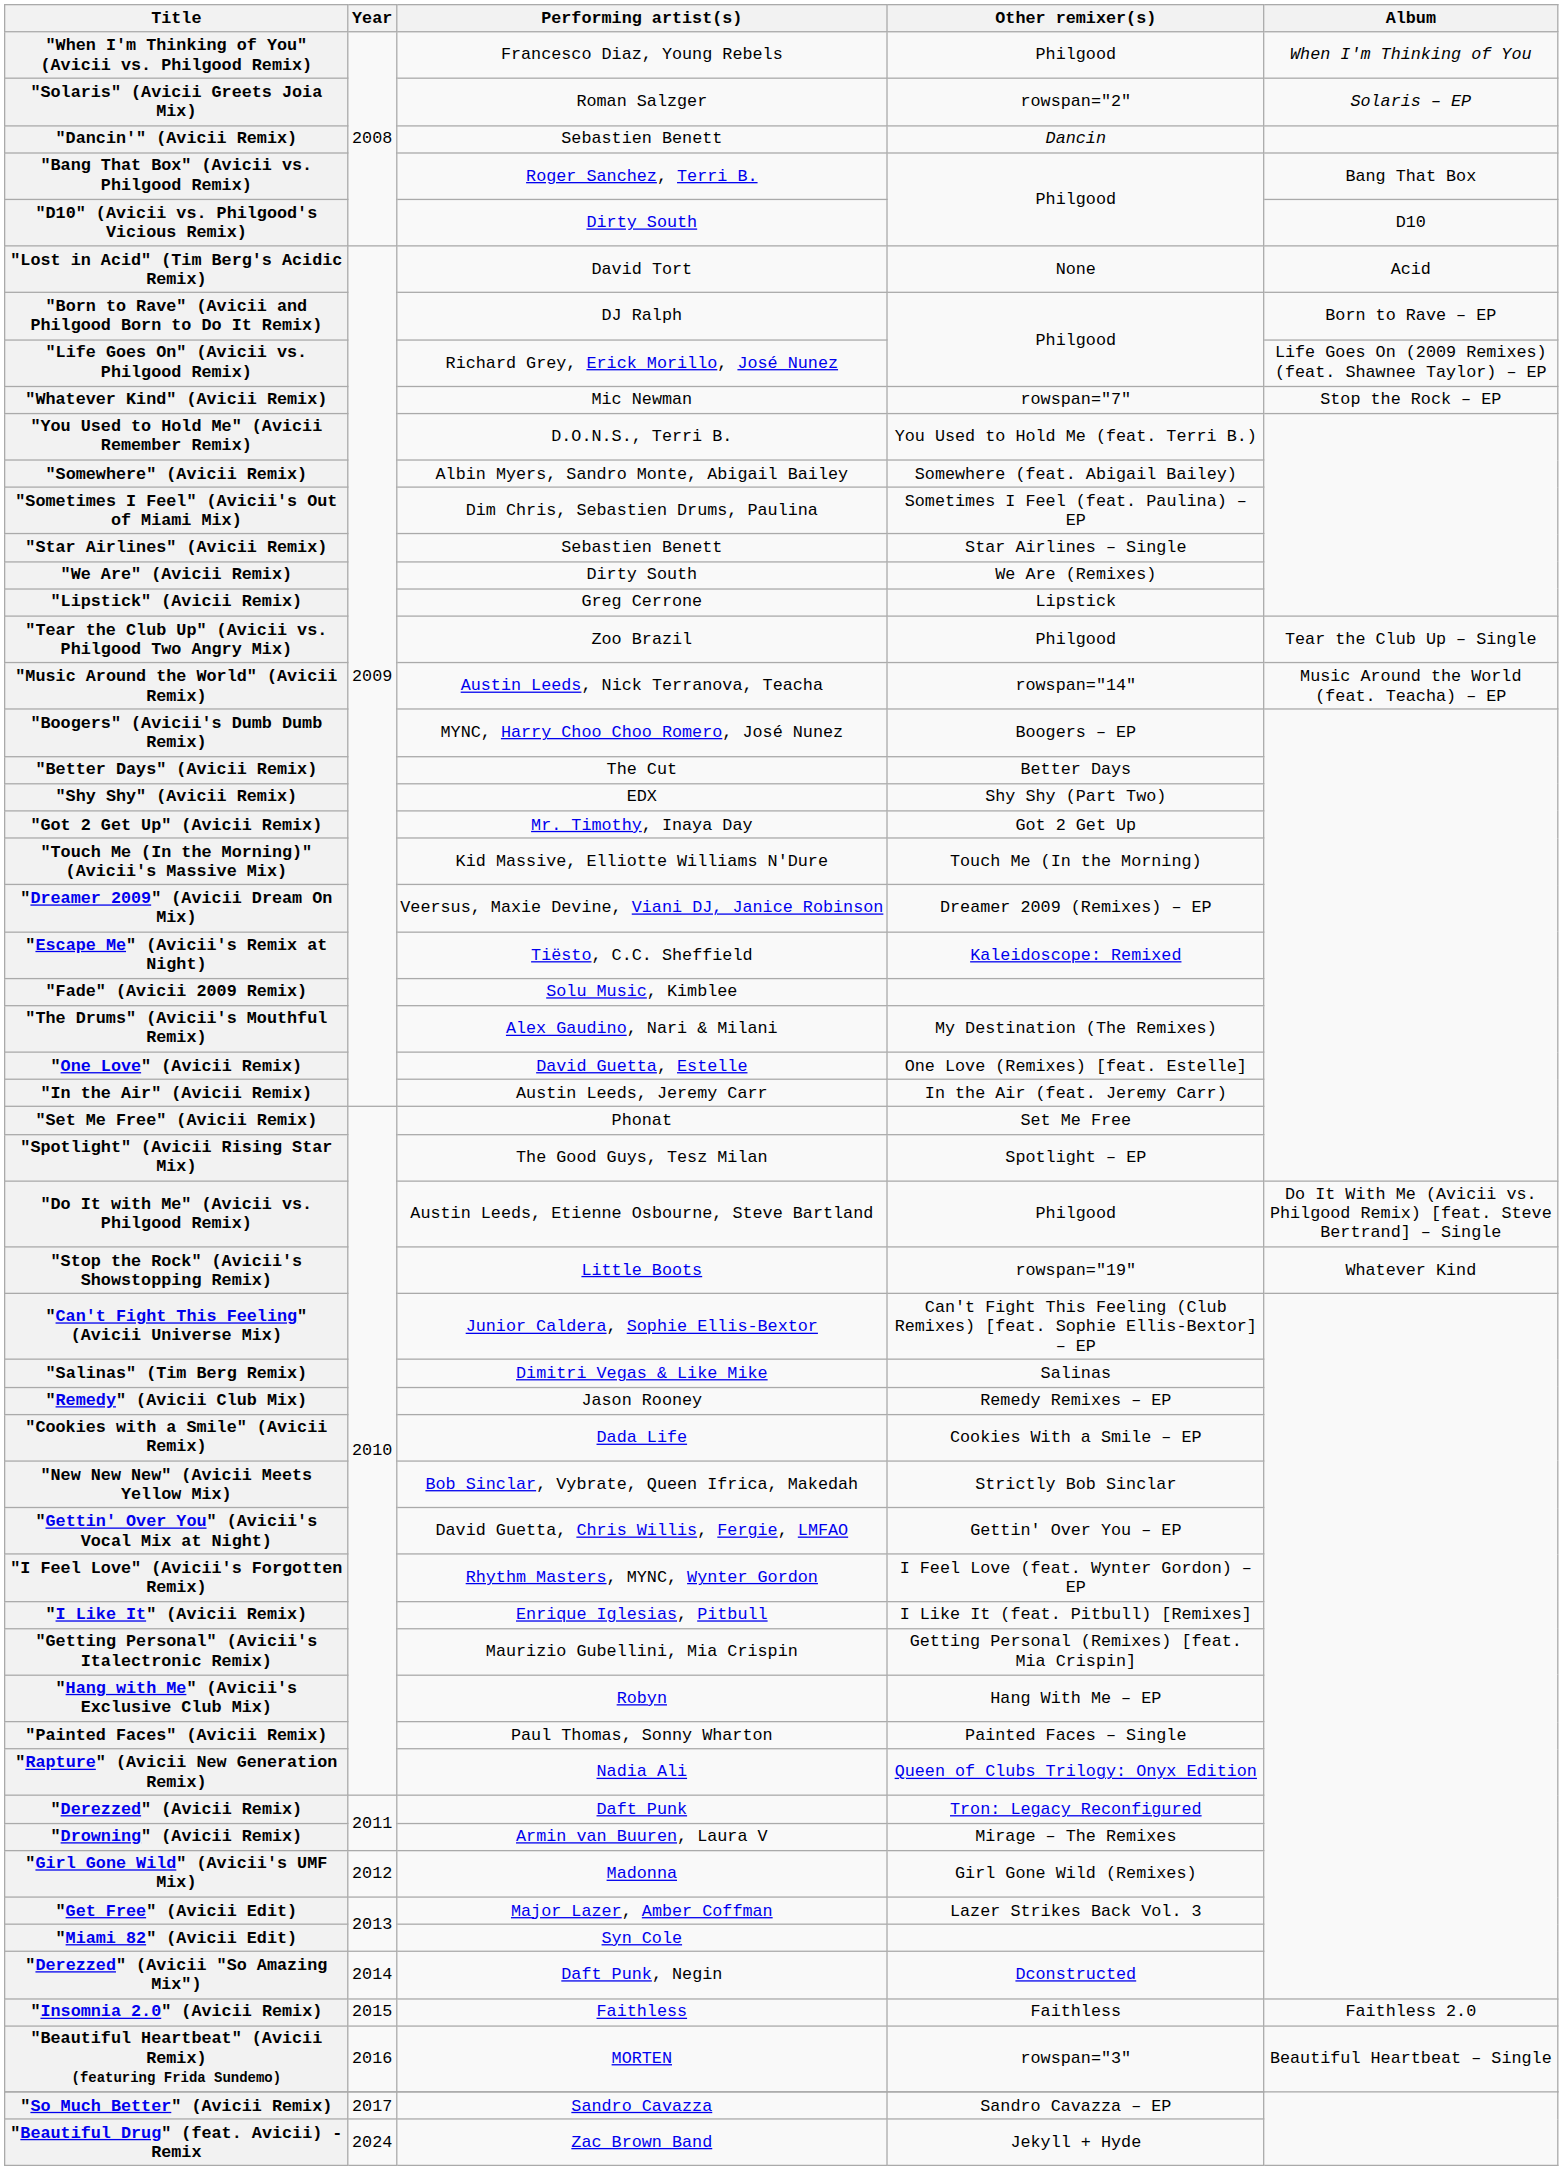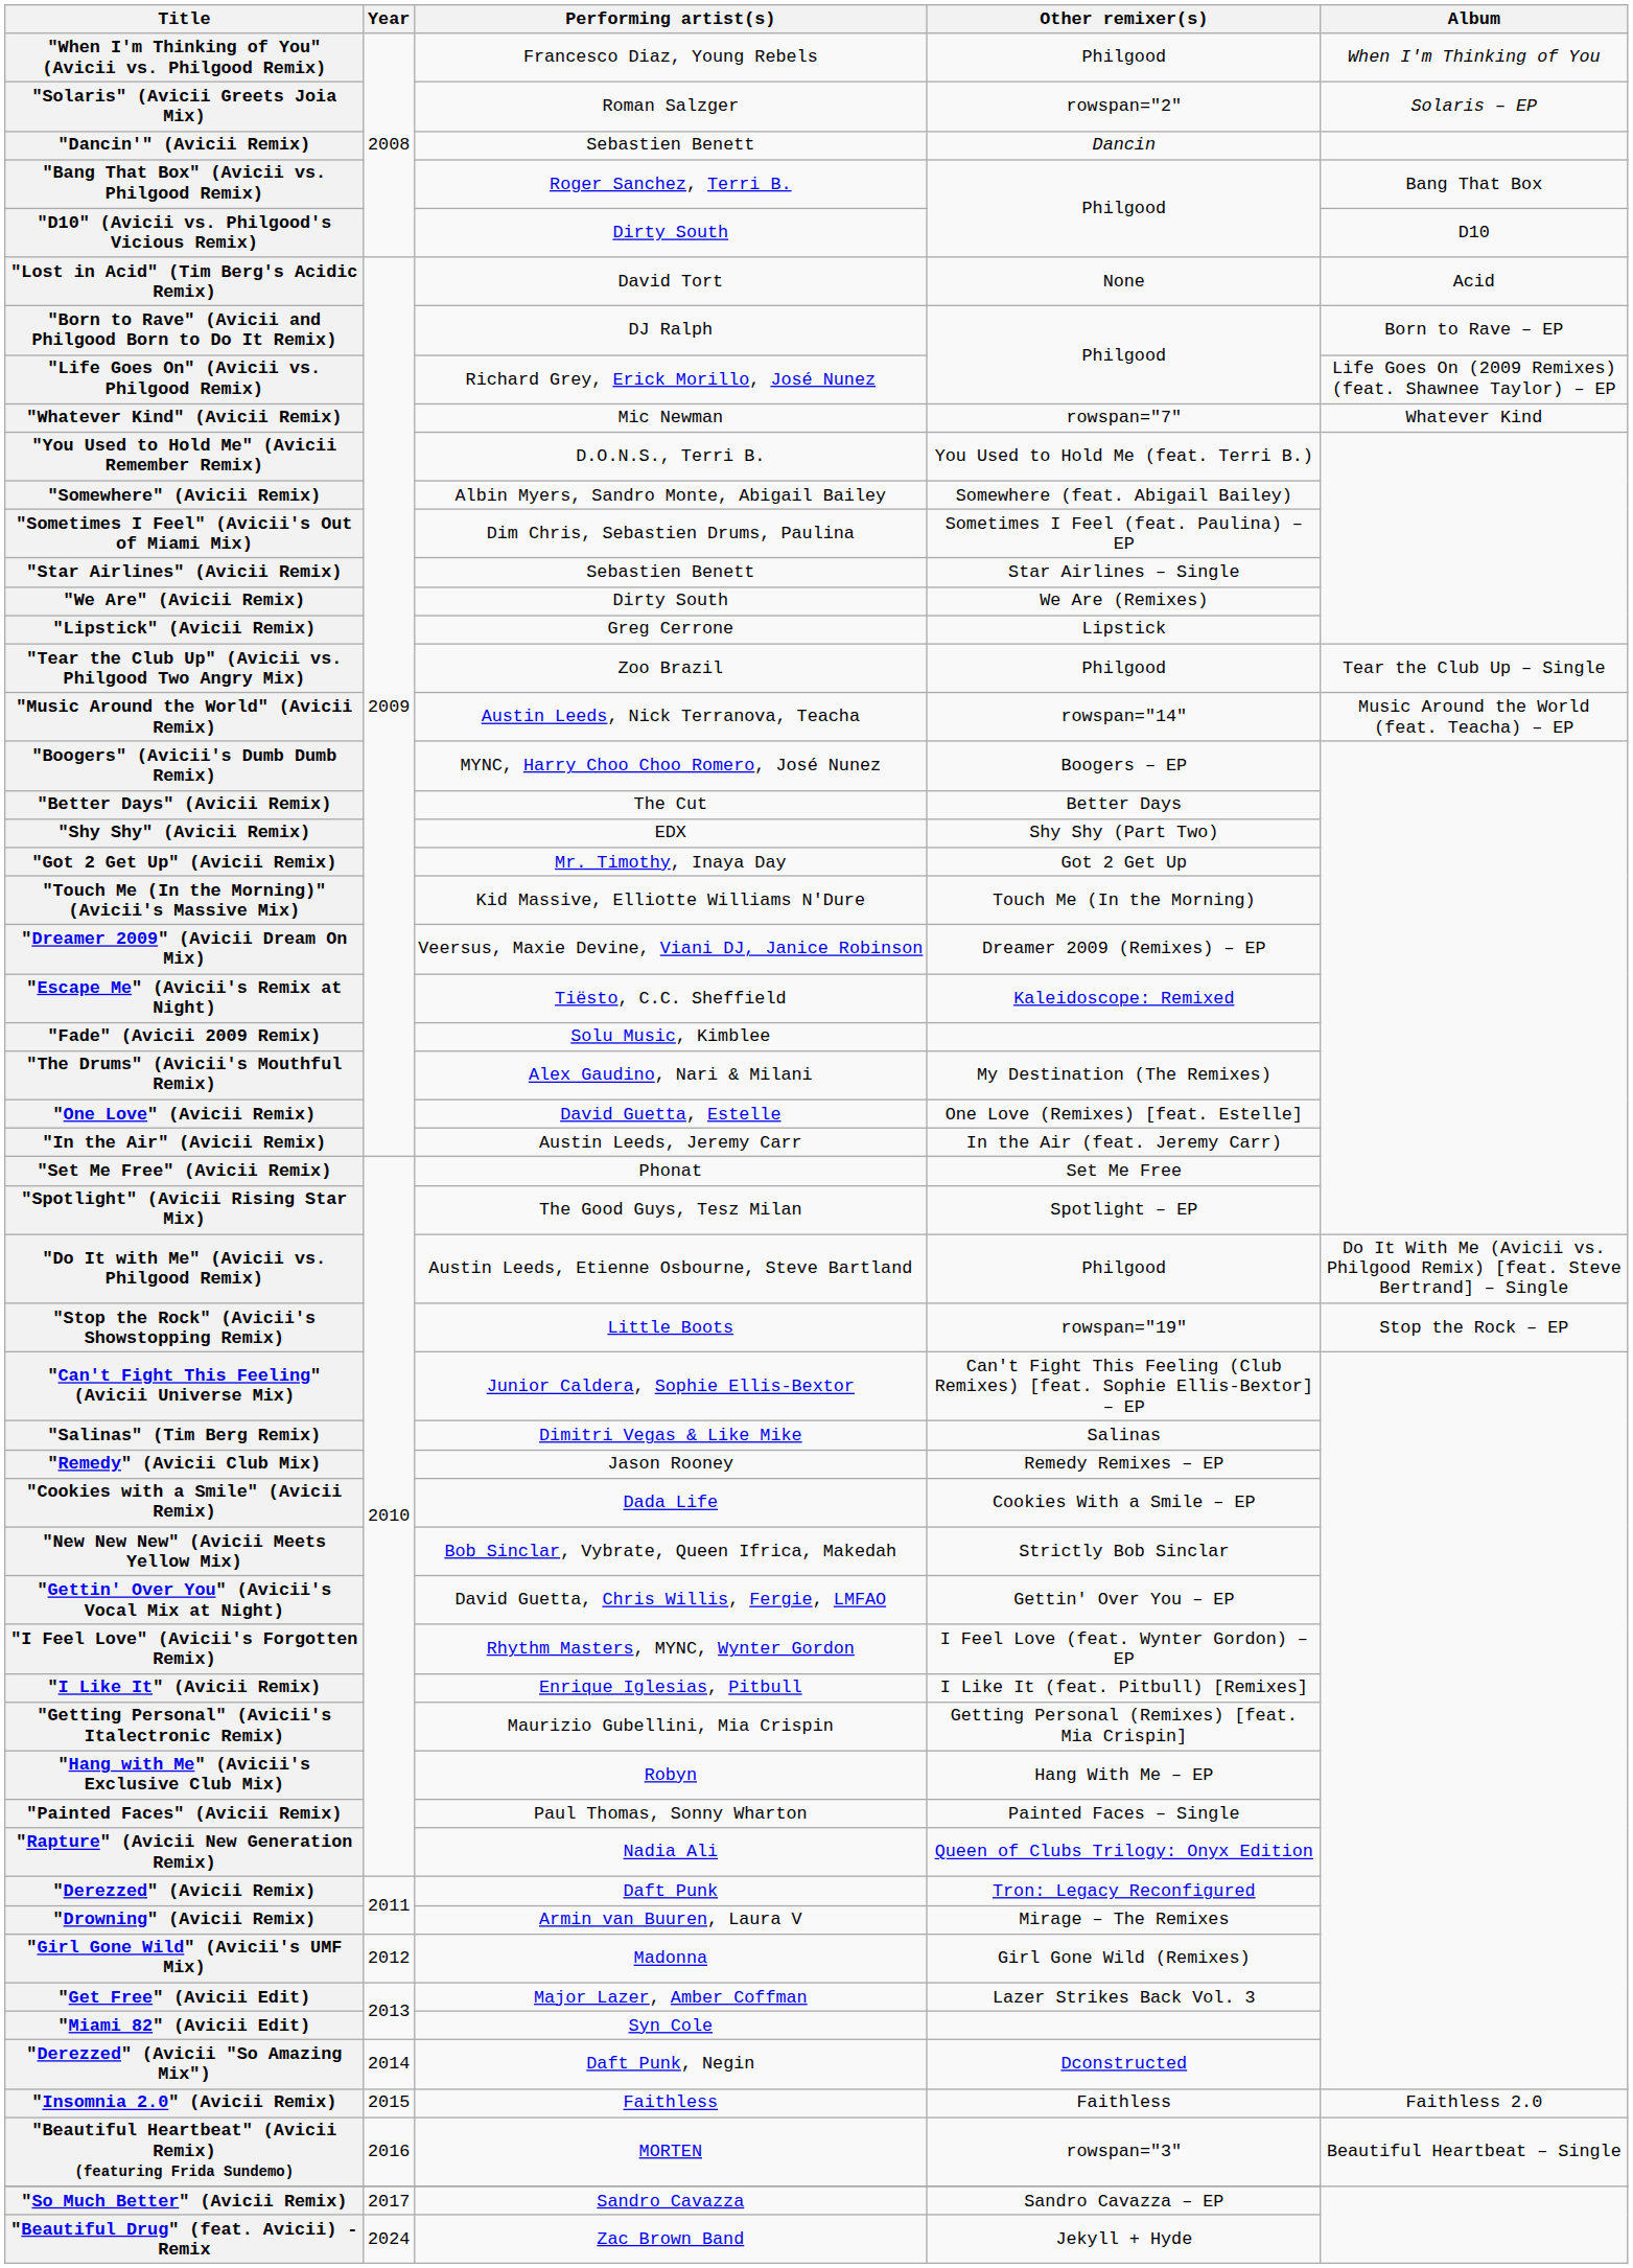 <table class="wikitable plainrowheaders" style="text-align:center;">
 <tr>
 <th scope="col" style="width:20em;">Title</th>
 <th scope="col">Year</th>
 <th scope="col">Performing artist(s)</th>
 <th scope="col" style="width:22em;">Other remixer(s)</th>
 <th scope="col" style="width:17em;">Album</th>
 </tr>
 <tr>
 <th scope="row">"When I'm Thinking of You" (Avicii vs. Philgood Remix)</th>
 <td rowspan="5">2008</td>
 <td>Francesco Diaz, Young Rebels</td>
 <td>Philgood</td>
 <td><em>When I'm Thinking of You</em></td>
 </tr>
 <tr>
 <th scope="row">"Solaris" (Avicii Greets Joia Mix)</th>
 <td>Roman Salzger</td>
 <td>rowspan="2" </td>
 <td><em>Solaris – EP</em></td>
 </tr>
 <tr>
 <th scope="row">"Dancin'" (Avicii Remix)</th>
 <td>Sebastien Benett</td>
 <td><em>Dancin<strong></td>
 </tr>
 <tr>
 <th scope="row">"Bang That Box" (Avicii vs. Philgood Remix)</th>
 <td><a href='#'>Roger Sanchez</a>, <a href='#'>Terri B.</a></td>
 <td rowspan="2">Philgood</td>
 <td></em>Bang That Box<em></td>
 </tr>
 <tr>
 <th scope="row">"D10" (Avicii vs. Philgood's Vicious Remix)</th>
 <td><a href='#'>Dirty South</a></td>
 <td></em>D10<em></td>
 </tr>
 <tr>
 <th scope="row">"Lost in Acid" (Tim Berg's Acidic Remix)</th>
 <td rowspan="23">2009</td>
 <td>David Tort</td>
 <td>None</td>
 <td></em>Acid<em></td>
 </tr>
 <tr>
 <th scope="row">"Born to Rave" (Avicii and Philgood Born to Do It Remix)</th>
 <td>DJ Ralph</td>
 <td rowspan="2">Philgood</td>
 <td></em>Born to Rave – EP<em></td>
 </tr>
 <tr>
 <th scope="row">"Life Goes On" (Avicii vs. Philgood Remix)</th>
 <td>Richard Grey, <a href='#'>Erick Morillo</a>, <a href='#'>José Nunez</a></td>
 <td></em>Life Goes On (2009 Remixes) (feat. Shawnee Taylor) – EP<em></td>
 </tr>
 <tr>
 <th scope="row">"Whatever Kind" (Avicii Remix)</th>
 <td>Mic Newman</td>
 <td>rowspan="7" </td>
-<td></em>Stop the Rock – EP<em></td>
+<td></em>Whatever Kind<em></td>
 </tr>
 <tr>
 <th scope="row">"You Used to Hold Me" (Avicii Remember Remix)</th>
 <td>D.O.N.S., Terri B.</td>
 <td></em>You Used to Hold Me (feat. Terri B.)<em></td>
 </tr>
 <tr>
 <th scope="row">"Somewhere" (Avicii Remix)</th>
 <td>Albin Myers, Sandro Monte, Abigail Bailey</td>
 <td></em>Somewhere (feat. Abigail Bailey)<em></td>
 </tr>
 <tr>
 <th scope="row">"Sometimes I Feel" (Avicii's Out of Miami Mix)</th>
 <td>Dim Chris, Sebastien Drums, Paulina</td>
 <td></em>Sometimes I Feel (feat. Paulina) – EP<em></td>
 </tr>
 <tr>
 <th scope="row">"Star Airlines" (Avicii Remix)</th>
 <td>Sebastien Benett</td>
 <td></em>Star Airlines – Single<em></td>
 </tr>
 <tr>
 <th scope="row">"We Are" (Avicii Remix)</th>
 <td>Dirty South</td>
 <td></em>We Are (Remixes)<em></td>
 </tr>
 <tr>
 <th scope="row">"Lipstick" (Avicii Remix)</th>
 <td>Greg Cerrone</td>
 <td></em>Lipstick<em></td>
 </tr>
 <tr>
 <th scope="row">"Tear the Club Up" (Avicii vs. Philgood Two Angry Mix)</th>
 <td>Zoo Brazil</td>
 <td>Philgood</td>
 <td></em>Tear the Club Up – Single<em></td>
 </tr>
 <tr>
 <th scope="row">"Music Around the World" (Avicii Remix)</th>
 <td><a href='#'>Austin Leeds</a>, Nick Terranova, Teacha</td>
 <td>rowspan="14" </td>
 <td></em>Music Around the World (feat. Teacha) – EP<em></td>
 </tr>
 <tr>
 <th scope="row">"Boogers" (Avicii's Dumb Dumb Remix)</th>
 <td>MYNC, <a href='#'>Harry Choo Choo Romero</a>, José Nunez</td>
 <td></em>Boogers – EP<em></td>
 </tr>
 <tr>
 <th scope="row">"Better Days" (Avicii Remix)</th>
 <td>The Cut</td>
 <td></em>Better Days<em></td>
 </tr>
 <tr>
 <th scope="row">"Shy Shy" (Avicii Remix)</th>
 <td>EDX</td>
 <td></em>Shy Shy (Part Two)<em></td>
 </tr>
 <tr>
 <th scope="row">"Got 2 Get Up" (Avicii Remix)</th>
 <td><a href='#'>Mr. Timothy</a>, Inaya Day</td>
 <td></em>Got 2 Get Up<em></td>
 </tr>
 <tr>
 <th scope="row">"Touch Me (In the Morning)" (Avicii's Massive Mix)</th>
 <td>Kid Massive, Elliotte Williams N'Dure</td>
 <td></em>Touch Me (In the Morning)<em></td>
 </tr>
 <tr>
 <th scope="row">"<a href='#'>Dreamer 2009</a>" (Avicii Dream On Mix)</th>
 <td>Veersus, Maxie Devine, <a href='#'>Viani DJ, Janice Robinson</a></td>
 <td></em>Dreamer 2009 (Remixes) – EP<em></td>
 </tr>
 <tr>
 <th scope="row">"<a href='#'>Escape Me</a>" (Avicii's Remix at Night)</th>
 <td><a href='#'>Tiësto</a>, C.C. Sheffield</td>
 <td></em><a href='#'>Kaleidoscope: Remixed</a><em></td>
 </tr>
 <tr>
 <th scope="row">"Fade" (Avicii 2009 Remix)</th>
 <td><a href='#'>Solu Music</a>, Kimblee</td>
 <td></td>
 </tr>
 <tr>
 <th scope="row">"The Drums" (Avicii's Mouthful Remix)</th>
 <td><a href='#'>Alex Gaudino</a>, Nari & Milani</td>
 <td></em>My Destination (The Remixes)<em></td>
 </tr>
 <tr>
 <th scope="row">"<a href='#'>One Love</a>" (Avicii Remix)</th>
 <td><a href='#'>David Guetta</a>, <a href='#'>Estelle</a></td>
 <td></em>One Love (Remixes) [feat. Estelle]<em></td>
 </tr>
 <tr>
 <th scope="row">"In the Air" (Avicii Remix)</th>
 <td>Austin Leeds, Jeremy Carr</td>
 <td></em>In the Air (feat. Jeremy Carr)<em></td>
 </tr>
 <tr>
 <th scope="row">"Set Me Free" (Avicii Remix)</th>
 <td rowspan="16">2010</td>
 <td>Phonat</td>
 <td></em>Set Me Free<em></td>
 </tr>
 <tr>
 <th scope="row">"Spotlight" (Avicii Rising Star Mix)</th>
 <td>The Good Guys, Tesz Milan</td>
 <td></em>Spotlight – EP<em></td>
 </tr>
 <tr>
 <th scope="row">"Do It with Me" (Avicii vs. Philgood Remix)</th>
 <td>Austin Leeds, Etienne Osbourne, Steve Bartland</td>
 <td>Philgood</td>
 <td></em>Do It With Me (Avicii vs. Philgood Remix) [feat. Steve Bertrand] – Single<em></td>
 </tr>
 <tr>
 <th scope="row">"Stop the Rock" (Avicii's Showstopping Remix)</th>
 <td><a href='#'>Little Boots</a></td>
 <td>rowspan="19" </td>
-<td></em>Whatever Kind<em></td>
+<td></em>Stop the Rock – EP<em></td>
 </tr>
 <tr>
 <th scope="row">"<a href='#'>Can't Fight This Feeling</a>" (Avicii Universe Mix)</th>
 <td><a href='#'>Junior Caldera</a>, <a href='#'>Sophie Ellis-Bextor</a></td>
 <td></em>Can't Fight This Feeling (Club Remixes) [feat. Sophie Ellis-Bextor] – EP<em></td>
 </tr>
 <tr>
 <th scope="row">"Salinas" (Tim Berg Remix)</th>
 <td><a href='#'>Dimitri Vegas & Like Mike</a></td>
 <td></em>Salinas<em></td>
 </tr>
 <tr>
 <th scope="row">"<a href='#'>Remedy</a>" (Avicii Club Mix)</th>
 <td>Jason Rooney</td>
 <td></em>Remedy Remixes – EP<em></td>
 </tr>
 <tr>
 <th scope="row">"Cookies with a Smile" (Avicii Remix)</th>
 <td><a href='#'>Dada Life</a></td>
 <td></em>Cookies With a Smile – EP<em></td>
 </tr>
 <tr>
 <th scope="row">"New New New" (Avicii Meets Yellow Mix)</th>
 <td><a href='#'>Bob Sinclar</a>, Vybrate, Queen Ifrica, Makedah</td>
 <td></em>Strictly Bob Sinclar<em></td>
 </tr>
 <tr>
 <th scope="row">"<a href='#'>Gettin' Over You</a>" (Avicii's Vocal Mix at Night)</th>
 <td>David Guetta, <a href='#'>Chris Willis</a>, <a href='#'>Fergie</a>, <a href='#'>LMFAO</a></td>
 <td></em>Gettin' Over You – EP<em></td>
 </tr>
 <tr>
 <th scope="row">"I Feel Love" (Avicii's Forgotten Remix)</th>
 <td><a href='#'>Rhythm Masters</a>, MYNC, <a href='#'>Wynter Gordon</a></td>
 <td></em>I Feel Love (feat. Wynter Gordon) – EP<em></td>
 </tr>
 <tr>
 <th scope="row">"<a href='#'>I Like It</a>" (Avicii Remix)</th>
 <td><a href='#'>Enrique Iglesias</a>, <a href='#'>Pitbull</a></td>
 <td></em>I Like It (feat. Pitbull) [Remixes]<em></td>
 </tr>
 <tr>
 <th scope="row">"Getting Personal" (Avicii's Italectronic Remix)</th>
 <td>Maurizio Gubellini, Mia Crispin</td>
 <td></em>Getting Personal (Remixes) [feat. Mia Crispin]<em></td>
 </tr>
 <tr>
 <th scope="row">"<a href='#'>Hang with Me</a>" (Avicii's Exclusive Club Mix)</th>
 <td><a href='#'>Robyn</a></td>
 <td></em>Hang With Me – EP<em></td>
 </tr>
 <tr>
 <th scope="row">"Painted Faces" (Avicii Remix)</th>
 <td>Paul Thomas, Sonny Wharton</td>
 <td></em>Painted Faces – Single<em></td>
 </tr>
 <tr>
 <th scope="row">"<a href='#'>Rapture</a>" (Avicii New Generation Remix)</th>
 <td><a href='#'>Nadia Ali</a></td>
 <td></em><a href='#'>Queen of Clubs Trilogy: Onyx Edition</a><em></td>
 </tr>
 <tr>
 <th scope="row">"<a href='#'>Derezzed</a>" (Avicii Remix)</th>
 <td rowspan="2">2011</td>
 <td><a href='#'>Daft Punk</a></td>
 <td></em><a href='#'>Tron: Legacy Reconfigured</a><em></td>
 </tr>
 <tr>
 <th scope="row">"<a href='#'>Drowning</a>" (Avicii Remix)</th>
 <td><a href='#'>Armin van Buuren</a>, Laura V</td>
 <td></em>Mirage – The Remixes<em></td>
 </tr>
 <tr>
 <th scope="row">"<a href='#'>Girl Gone Wild</a>" (Avicii's UMF Mix)</th>
 <td rowspan="1">2012</td>
 <td><a href='#'>Madonna</a></td>
 <td></em>Girl Gone Wild (Remixes)<em></td>
 </tr>
 <tr>
 <th scope="row">"<a href='#'>Get Free</a>" (Avicii Edit)</th>
 <td rowspan="2">2013</td>
 <td><a href='#'>Major Lazer</a>, <a href='#'>Amber Coffman</a></td>
 <td></em>Lazer Strikes Back Vol. 3<em></td>
 </tr>
 <tr>
 <th scope="row">"<a href='#'>Miami 82</a>" (Avicii Edit)</th>
 <td><a href='#'>Syn Cole</a></td>
 <td></td>
 </tr>
 <tr>
 <th scope="row">"<a href='#'>Derezzed</a>" (Avicii "So Amazing Mix")</th>
 <td rowspan="1">2014</td>
 <td><a href='#'>Daft Punk</a>, Negin</td>
 <td></em><a href='#'>Dconstructed</a><em></td>
 </tr>
 <tr>
 <th scope="row">"<a href='#'>Insomnia 2.0</a>" (Avicii Remix)</th>
 <td rowspan="1">2015</td>
 <td><a href='#'>Faithless</a></td>
 <td>Faithless</td>
 <td></em>Faithless 2.0<em></td>
 </tr>
 <tr>
 <th scope="row">"Beautiful Heartbeat" (Avicii Remix)<br><small>(featuring Frida Sundemo)</small></th>
 <td>2016</td>
 <td><a href='#'>MORTEN</a></td>
 <td>rowspan="3" </td>
 <td></em>Beautiful Heartbeat – Single<em></td>
 </tr>
 <tr>
 </tr>
 <tr>
 <th scope="row">"<a href='#'>So Much Better</a>" (Avicii Remix)</th>
 <td>2017</td>
 <td><a href='#'>Sandro Cavazza</a></td>
 <td></em>Sandro Cavazza – EP<em></td>
 </tr>
 <tr>
 <th scope="row">"<a href='#'>Beautiful Drug</a>" (feat. Avicii) - Remix </th>
 <td>2024</td>
 <td><a href='#'>Zac Brown Band</a></td>
 <td></em>Jekyll + Hyde<em></td>
 </tr>
 </table>
